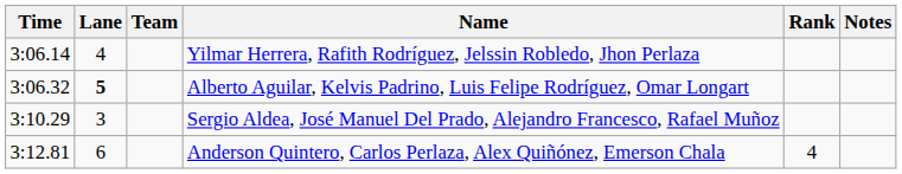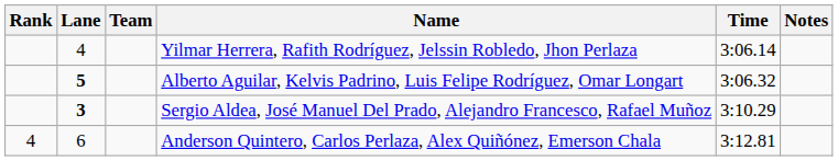 <table class="wikitable sortable" style="text-align:center;font-size:95%">
 <tr>
-<th>Time</th>
+<th>Rank</th>
 <th>Lane</th>
 <th>Team</th>
 <th>Name</th>
-<th>Rank</th>
+<th>Time</th>
 <th>Notes</th>
 </tr>
 <tr>
-<td>3:06.14</td>
+<td></td>
 <td>4</td>
 <td align=left></td>
 <td align=left><a href='#'>Yilmar Herrera</a>, <a href='#'>Rafith Rodríguez</a>, <a href='#'>Jelssin Robledo</a>, <a href='#'>Jhon Perlaza</a></td>
-<td></td>
+<td>3:06.14</td>
 <td></td>
 </tr>
 <tr>
-<td>3:06.32</td>
+<td></td>
 <td><strong>5</strong></td>
 <td align=left></td>
 <td align=left><a href='#'>Alberto Aguilar</a>, <a href='#'>Kelvis Padrino</a>, <a href='#'>Luis Felipe Rodríguez</a>, <a href='#'>Omar Longart</a></td>
-<td></td>
+<td>3:06.32</td>
 <td></td>
 </tr>
 <tr>
-<td>3:10.29</td>
-<td>3</td>
+<td></td>
+<td><strong>3</strong></td>
 <td align=left></td>
 <td align=left><a href='#'>Sergio Aldea</a>, <a href='#'>José Manuel Del Prado</a>, <a href='#'>Alejandro Francesco</a>, <a href='#'>Rafael Muñoz</a></td>
-<td></td>
+<td>3:10.29</td>
 <td></td>
 </tr>
 <tr>
-<td>3:12.81</td>
+<td>4</td>
 <td>6</td>
 <td align=left></td>
 <td align=left><a href='#'>Anderson Quintero</a>, <a href='#'>Carlos Perlaza</a>, <a href='#'>Alex Quiñónez</a>, <a href='#'>Emerson Chala</a></td>
-<td>4</td>
+<td>3:12.81</td>
 <td></td>
 </tr>
 </table>
